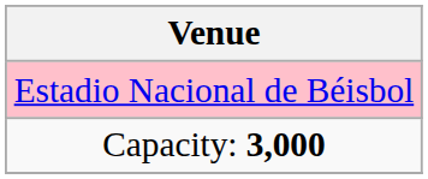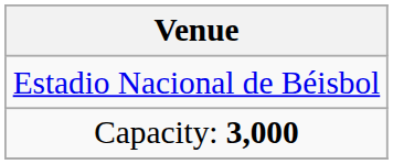 <table class="wikitable" style="text-align:center">
 <tr>
 <th><strong>Venue</strong></th>
 </tr>
 <tr>
-<td style="background: pink;"><a href='#'>Estadio Nacional de Béisbol</a></td>
+<td><a href='#'>Estadio Nacional de Béisbol</a></td>
 </tr>
 <tr>
 <td>Capacity: <strong>3,000</strong></td>
 </tr>
 <tr>
 </tr>
 </table>
